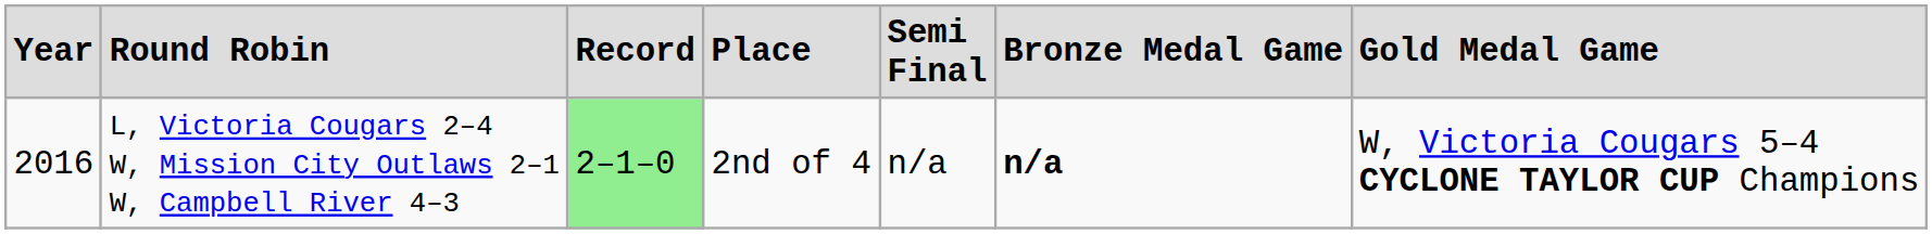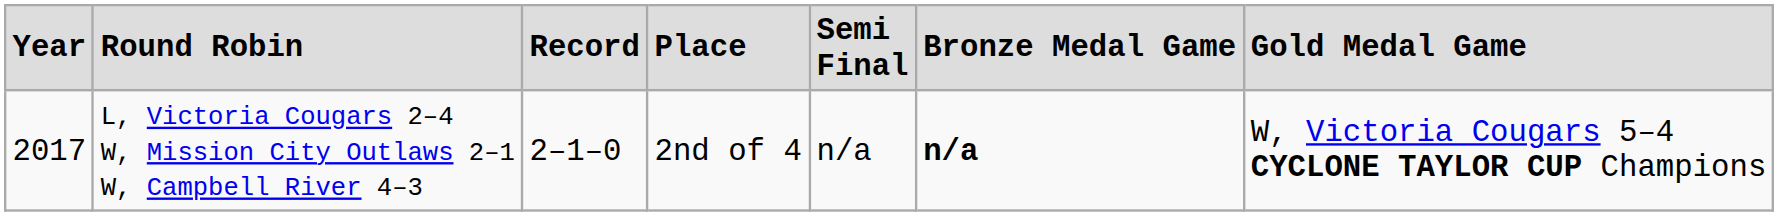 <table class="wikitable">
 <tr style="font-weight:bold; background-color:#dddddd;" |>
 <td>Year</td>
 <td>Round Robin</td>
 <td>Record</td>
 <td>Place</td>
 <td>Semi<br>Final</td>
 <td>Bronze Medal Game</td>
 <td>Gold Medal Game</td>
 </tr>
 <tr>
-<td>2016</td>
+<td>2017</td>
 <td><small> L, <a href='#'>Victoria Cougars</a> 2–4<br>W, <a href='#'>Mission City Outlaws</a> 2–1<br>W, <a href='#'>Campbell River</a> 4–3</small></td>
-<td style="background: lightgreen;">2–1–0</td>
+<td>2–1–0</td>
 <td>2nd of 4</td>
 <td>n/a</td>
 <td><strong>n/a</strong></td>
 <td>W, <a href='#'>Victoria Cougars</a> 5–4<br><strong>CYCLONE TAYLOR CUP</strong> Champions</td>
 </tr>
 </table>
